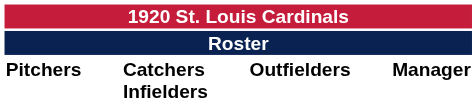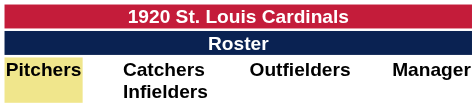 <table class="toccolours" style="font-size: 95%;">
 <tr>
 <th colspan="10" style="background-color: #c41c3a; color: white; text-align: center;">1920 St. Louis Cardinals</th>
 </tr>
 <tr>
 <td colspan="10" style="background-color: #0a2252; color: white; text-align: center;"><strong>Roster</strong></td>
 </tr>
 <tr>
-<td valign="top"><strong>Pitchers</strong><br>              </td>
+<td valign="top" style="background: khaki;"><strong>Pitchers</strong><br>              </td>
 <td width="25px"></td>
 <td valign="top"><strong>Catchers</strong><br>      <strong>Infielders</strong>     </td>
 <td width="25px"></td>
 <td valign="top"><strong>Outfielders</strong><br>       </td>
 <td width="25px"></td>
 <td valign="top"><strong>Manager</strong><br></td>
 </tr>
 </table>
